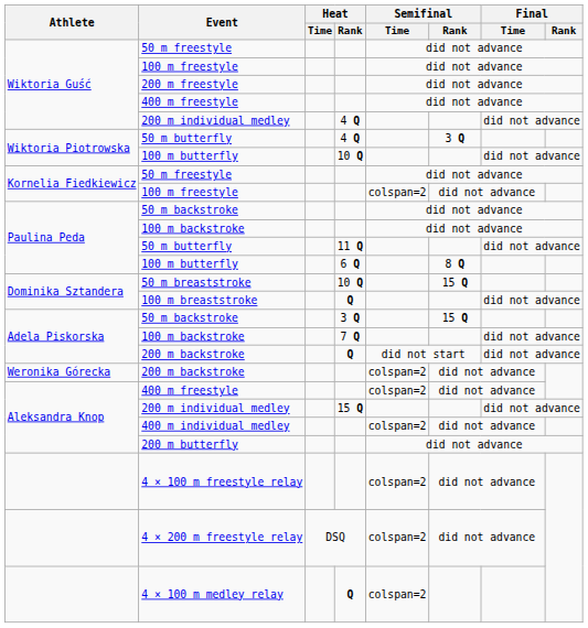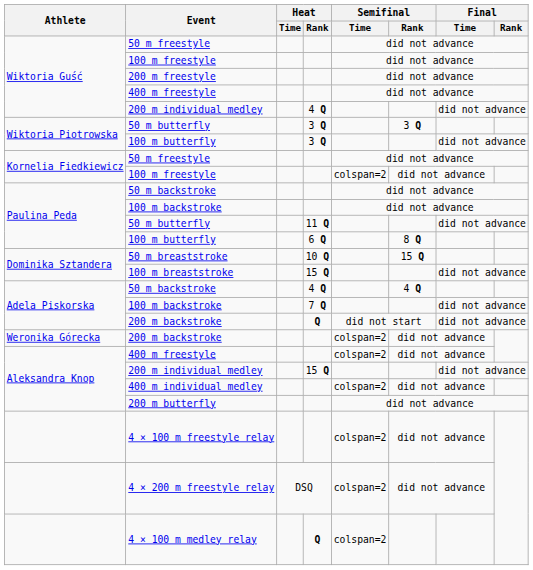 <table class=wikitable style="font-size:90%">
 <tr>
 <th rowspan="2">Athlete</th>
 <th rowspan="2">Event</th>
 <th colspan="2">Heat</th>
 <th colspan="2">Semifinal</th>
 <th colspan="2">Final</th>
 </tr>
 <tr style="font-size:95%">
 <th>Time</th>
 <th>Rank</th>
 <th>Time</th>
 <th>Rank</th>
 <th>Time</th>
 <th>Rank</th>
 </tr>
 <tr align=center>
 <td align=left rowspan=5><a href='#'>Wiktoria Guść</a></td>
 <td align=left><a href='#'>50 m freestyle</a></td>
 <td></td>
 <td></td>
 <td colspan=4>did not advance</td>
 </tr>
 <tr align=center>
 <td align=left><a href='#'>100 m freestyle</a></td>
 <td></td>
 <td></td>
 <td colspan=4>did not advance</td>
 </tr>
 <tr align=center>
 <td align=left><a href='#'>200 m freestyle</a></td>
 <td></td>
 <td></td>
 <td colspan=4>did not advance</td>
 </tr>
 <tr align=center>
 <td align=left><a href='#'>400 m freestyle</a></td>
 <td></td>
 <td></td>
 <td colspan=4>did not advance</td>
 </tr>
 <tr align=center>
 <td align=left><a href='#'>200 m individual medley</a></td>
 <td></td>
 <td>4 <strong>Q</strong></td>
 <td></td>
 <td></td>
 <td colspan=2>did not advance</td>
 </tr>
 <tr align=center>
 <td align=left rowspan=2><a href='#'>Wiktoria Piotrowska</a></td>
 <td align=left><a href='#'>50 m butterfly</a></td>
 <td></td>
-<td>4 <strong>Q</strong></td>
+<td>3 <strong>Q</strong></td>
 <td></td>
 <td>3 <strong>Q</strong></td>
 <td></td>
 <td></td>
 </tr>
 <tr align=center>
 <td align=left><a href='#'>100 m butterfly</a></td>
 <td></td>
-<td>10 <strong>Q</strong></td>
+<td>3 <strong>Q</strong></td>
 <td></td>
 <td></td>
 <td colspan=2>did not advance</td>
 </tr>
 <tr align=center>
 <td align=left rowspan=2><a href='#'>Kornelia Fiedkiewicz</a></td>
 <td align=left><a href='#'>50 m freestyle</a></td>
 <td></td>
 <td></td>
 <td colspan=4>did not advance</td>
 </tr>
 <tr align=center>
 <td align=left><a href='#'>100 m freestyle</a></td>
 <td></td>
 <td></td>
 <td>colspan=2 </td>
 <td colspan=2>did not advance</td>
 </tr>
 <tr align=center>
 <td rowspan=4 align=left><a href='#'>Paulina Peda</a></td>
 <td align=left><a href='#'>50 m backstroke</a></td>
 <td></td>
 <td></td>
 <td colspan=4>did not advance</td>
 </tr>
 <tr align=center>
 <td align=left><a href='#'>100 m backstroke</a></td>
 <td></td>
 <td></td>
 <td colspan=4>did not advance</td>
 </tr>
 <tr align=center>
 <td align=left><a href='#'>50 m butterfly</a></td>
 <td></td>
 <td>11 <strong>Q</strong></td>
 <td></td>
 <td></td>
 <td colspan=2>did not advance</td>
 </tr>
 <tr align=center>
 <td align=left><a href='#'>100 m butterfly</a></td>
 <td></td>
 <td>6 <strong>Q</strong></td>
 <td></td>
 <td>8 <strong>Q</strong></td>
 <td></td>
 <td></td>
 </tr>
 <tr align=center>
 <td align=left rowspan=2><a href='#'>Dominika Sztandera</a></td>
 <td align=left><a href='#'>50 m breaststroke</a></td>
 <td></td>
 <td>10 <strong>Q</strong></td>
 <td></td>
 <td>15 <strong>Q</strong></td>
 <td></td>
 <td></td>
 </tr>
 <tr align=center>
 <td align=left><a href='#'>100 m breaststroke</a></td>
 <td></td>
-<td><strong>Q</strong></td>
+<td>15 <strong>Q</strong></td>
 <td></td>
 <td></td>
 <td colspan=2>did not advance</td>
 </tr>
 <tr align=center>
 <td rowspan=3 align=left><a href='#'>Adela Piskorska</a></td>
 <td align=left><a href='#'>50 m backstroke</a></td>
 <td></td>
-<td>3 <strong>Q</strong></td>
+<td>4 <strong>Q</strong></td>
 <td></td>
-<td>15 <strong>Q</strong></td>
+<td>4 <strong>Q</strong></td>
 <td></td>
 <td></td>
 </tr>
 <tr align=center>
 <td align=left><a href='#'>100 m backstroke</a></td>
 <td></td>
 <td>7 <strong>Q</strong></td>
 <td></td>
 <td></td>
 <td colspan=2>did not advance</td>
 </tr>
 <tr align=center>
 <td align=left><a href='#'>200 m backstroke</a></td>
 <td></td>
 <td><strong>Q</strong></td>
 <td colspan=2>did not start</td>
 <td colspan=2>did not advance</td>
 </tr>
 <tr align=center>
 <td align=left><a href='#'>Weronika Górecka</a></td>
 <td align=left><a href='#'>200 m backstroke</a></td>
 <td></td>
 <td></td>
 <td>colspan=2 </td>
 <td colspan=2>did not advance</td>
 </tr>
 <tr align=center>
 <td rowspan=4 align=left><a href='#'>Aleksandra Knop</a></td>
 <td align=left><a href='#'>400 m freestyle</a></td>
 <td></td>
 <td></td>
 <td>colspan=2 </td>
 <td colspan=2>did not advance</td>
 </tr>
 <tr align=center>
 <td align=left><a href='#'>200 m individual medley</a></td>
 <td></td>
 <td>15 <strong>Q</strong></td>
 <td></td>
 <td></td>
 <td colspan=2>did not advance</td>
 </tr>
 <tr align=center>
 <td align=left><a href='#'>400 m individual medley</a></td>
 <td></td>
 <td></td>
 <td>colspan=2 </td>
 <td colspan=2>did not advance</td>
 </tr>
 <tr align=center>
 <td align=left><a href='#'>200 m butterfly</a></td>
 <td></td>
 <td></td>
 <td colspan=4>did not advance</td>
 </tr>
 <tr align=center>
 <td align=left><a href='#'></a><br><a href='#'></a><br><a href='#'></a><br><a href='#'></a><br><a href='#'></a></td>
 <td align=left><a href='#'>4 × 100 m freestyle relay</a></td>
 <td></td>
 <td></td>
 <td>colspan=2 </td>
 <td colspan=2>did not advance</td>
 </tr>
 <tr align=center>
 <td align=left><a href='#'></a><br><a href='#'></a><br><a href='#'></a><br><a href='#'></a><br><a href='#'></a></td>
 <td align=left><a href='#'>4 × 200 m freestyle relay</a></td>
 <td colspan=2>DSQ</td>
 <td>colspan=2 </td>
 <td colspan=2>did not advance</td>
 </tr>
 <tr align=center>
 <td align=left><a href='#'></a><br><a href='#'></a><br><a href='#'></a><br><a href='#'></a><br><a href='#'></a></td>
 <td align=left><a href='#'>4 × 100 m medley relay</a></td>
 <td></td>
 <td><strong>Q</strong></td>
 <td>colspan=2 </td>
 <td></td>
 <td></td>
 </tr>
 </table>
